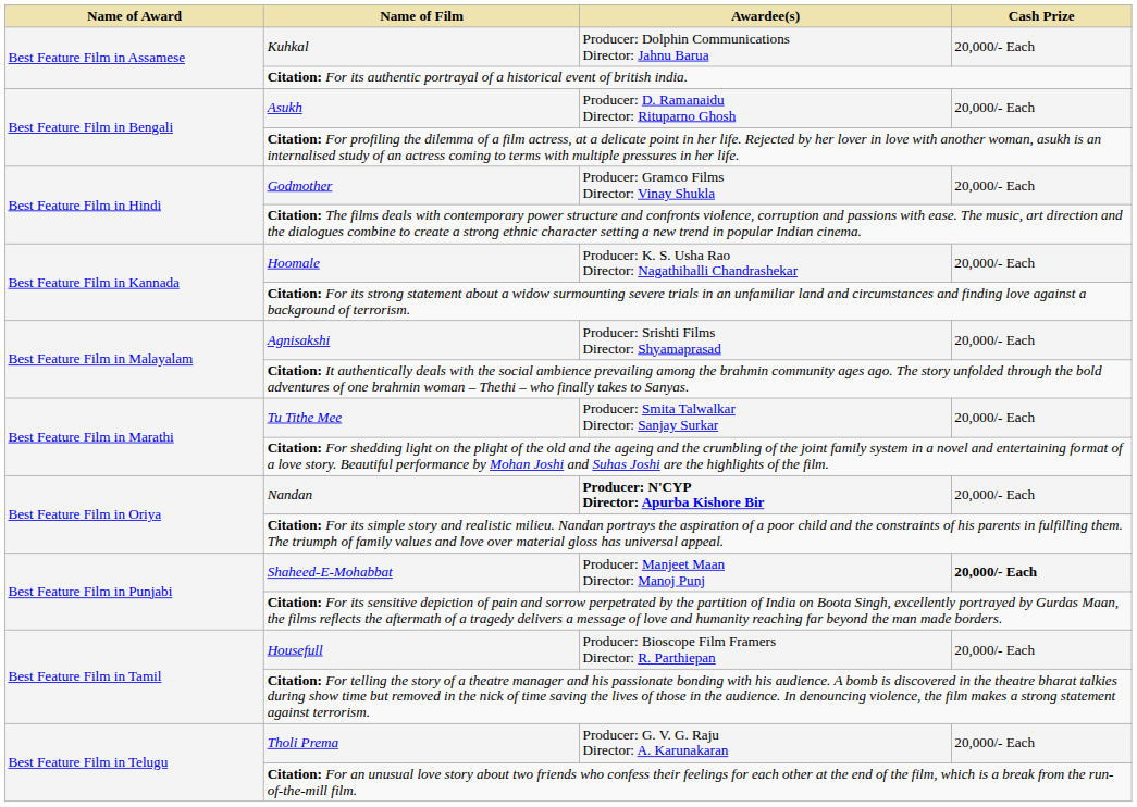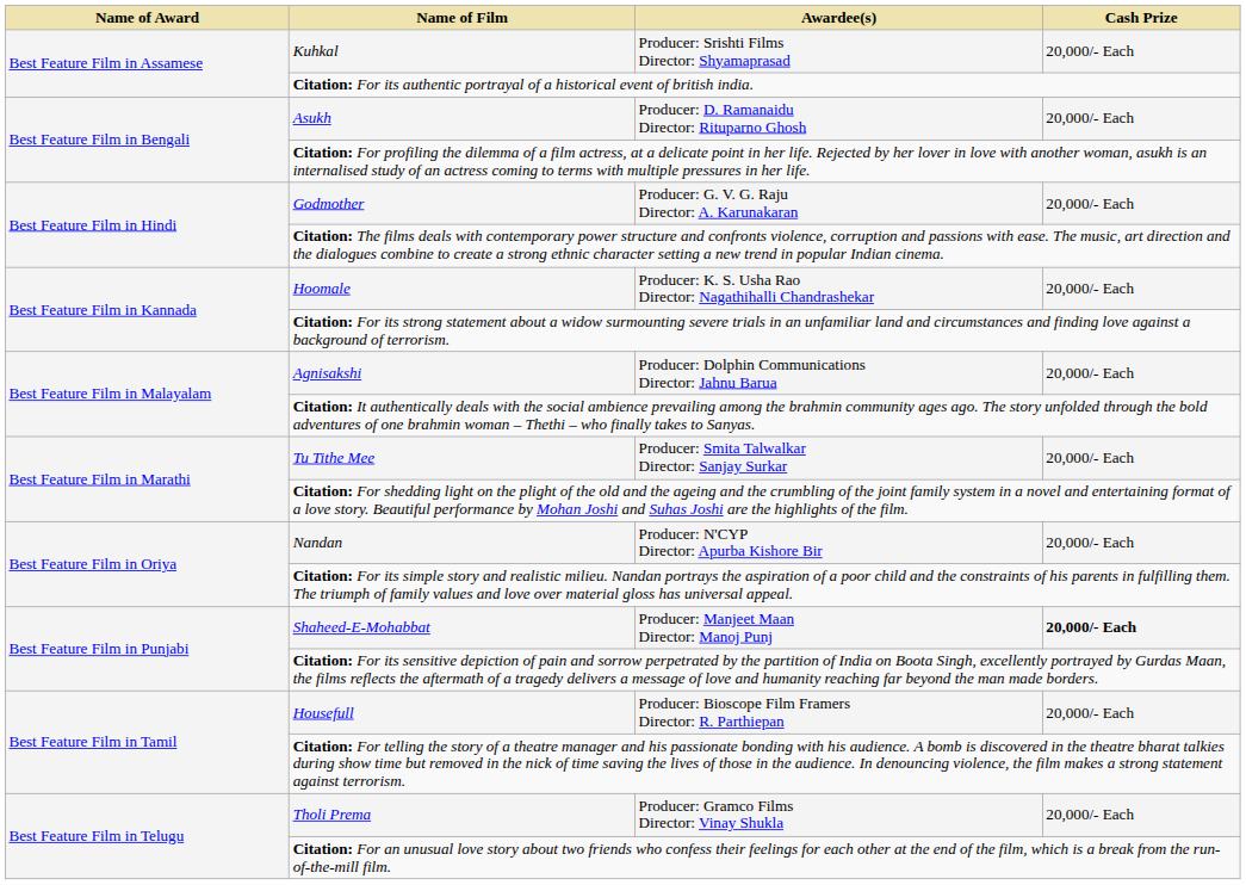 <table class="wikitable" style="width:100%;">
 <tr>
 <th style="background-color:#EFE4B0;width:23%;">Name of Award</th>
 <th style="background-color:#EFE4B0;width:28%;">Name of Film</th>
 <th style="background-color:#EFE4B0;width:33%;">Awardee(s)</th>
 <th style="background-color:#EFE4B0;width:16%;">Cash Prize</th>
 </tr>
 <tr style="background-color:#F4F4F4">
 <td rowspan="2"><a href='#'>Best Feature Film in Assamese</a></td>
 <td><em>Kuhkal</em></td>
-<td>Producer: Dolphin Communications<br>Director: <a href='#'>Jahnu Barua</a></td>
+<td>Producer: Srishti Films<br>Director: <a href='#'>Shyamaprasad</a></td>
 <td> 20,000/- Each</td>
 </tr>
 <tr style="background-color:#F9F9F9">
 <td colspan="3"><strong>Citation:</strong> <em>For its authentic portrayal of a historical event of british india.</em></td>
 </tr>
 <tr style="background-color:#F4F4F4">
 <td rowspan="2"><a href='#'>Best Feature Film in Bengali</a></td>
 <td><em><a href='#'>Asukh</a></em></td>
 <td>Producer: <a href='#'>D. Ramanaidu</a><br>Director: <a href='#'>Rituparno Ghosh</a></td>
 <td> 20,000/- Each</td>
 </tr>
 <tr style="background-color:#F9F9F9">
 <td colspan="3"><strong>Citation:</strong> <em>For profiling the dilemma of a film actress, at a delicate point in her life. Rejected by her lover in love with another woman, asukh is an internalised study of an actress coming to terms with multiple pressures in her life.</em></td>
 </tr>
 <tr style="background-color:#F4F4F4">
 <td rowspan="2"><a href='#'>Best Feature Film in Hindi</a></td>
 <td><em><a href='#'>Godmother</a></em></td>
-<td>Producer: Gramco Films<br>Director: <a href='#'>Vinay Shukla</a></td>
+<td>Producer: G. V. G. Raju<br>Director: <a href='#'>A. Karunakaran</a></td>
 <td> 20,000/- Each</td>
 </tr>
 <tr style="background-color:#F9F9F9">
 <td colspan="3"><strong>Citation:</strong> <em>The films deals with contemporary power structure and confronts violence, corruption and passions with ease. The music, art direction and the dialogues combine to create a strong ethnic character setting a new trend in popular Indian cinema.</em></td>
 </tr>
 <tr style="background-color:#F4F4F4">
 <td rowspan="2"><a href='#'>Best Feature Film in Kannada</a></td>
 <td><em><a href='#'>Hoomale</a></em></td>
 <td>Producer: K. S. Usha Rao<br>Director: <a href='#'>Nagathihalli Chandrashekar</a></td>
 <td> 20,000/- Each</td>
 </tr>
 <tr style="background-color:#F9F9F9">
 <td colspan="3"><strong>Citation:</strong> <em>For its strong statement about a widow surmounting severe trials in an unfamiliar land and circumstances and finding love against a background of terrorism.</em></td>
 </tr>
 <tr style="background-color:#F4F4F4">
 <td rowspan="2"><a href='#'>Best Feature Film in Malayalam</a></td>
 <td><em><a href='#'>Agnisakshi</a></em></td>
-<td>Producer: Srishti Films<br>Director: <a href='#'>Shyamaprasad</a></td>
+<td>Producer: Dolphin Communications<br>Director: <a href='#'>Jahnu Barua</a></td>
 <td> 20,000/- Each</td>
 </tr>
 <tr style="background-color:#F9F9F9">
 <td colspan="3"><strong>Citation:</strong> <em>It authentically deals with the social ambience prevailing among the brahmin community ages ago. The story unfolded through the bold adventures of one brahmin woman – Thethi – who finally takes to Sanyas.</em></td>
 </tr>
 <tr style="background-color:#F4F4F4">
 <td rowspan="2"><a href='#'>Best Feature Film in Marathi</a></td>
 <td><em><a href='#'>Tu Tithe Mee</a></em></td>
 <td>Producer: <a href='#'>Smita Talwalkar</a><br>Director:  <a href='#'>Sanjay Surkar</a></td>
 <td> 20,000/- Each</td>
 </tr>
 <tr style="background-color:#F9F9F9">
 <td colspan="3"><strong>Citation:</strong> <em>For shedding light on the plight of the old and the ageing and the crumbling of the joint family system in a novel and entertaining format of a love story. Beautiful performance by <a href='#'>Mohan Joshi</a> and <a href='#'>Suhas Joshi</a> are the highlights of the film.</em></td>
 </tr>
 <tr style="background-color:#F4F4F4">
 <td rowspan="2"><a href='#'>Best Feature Film in Oriya</a></td>
 <td><em>Nandan</em></td>
-<td><strong>Producer: N'CYP<br>Director: <a href='#'>Apurba Kishore Bir</a></strong></td>
+<td>Producer: N'CYP<br>Director: <a href='#'>Apurba Kishore Bir</a></td>
 <td> 20,000/- Each</td>
 </tr>
 <tr style="background-color:#F9F9F9">
 <td colspan="3"><strong>Citation:</strong> <em>For its simple story and realistic milieu. Nandan portrays the aspiration of a poor child and the constraints of his parents in fulfilling them. The triumph of family values and love over material gloss has universal appeal.</em></td>
 </tr>
 <tr style="background-color:#F4F4F4">
 <td rowspan="2"><a href='#'>Best Feature Film in Punjabi</a></td>
 <td><em><a href='#'>Shaheed-E-Mohabbat</a></em></td>
 <td>Producer: <a href='#'>Manjeet Maan</a><br>Director: <a href='#'>Manoj Punj</a></td>
 <td><strong> 20,000/- Each</strong></td>
 </tr>
 <tr style="background-color:#F9F9F9">
 <td colspan="3"><strong>Citation:</strong> <em>For its sensitive depiction of pain and sorrow perpetrated by the partition of India on Boota Singh, excellently portrayed by Gurdas Maan, the films reflects the aftermath of a tragedy delivers a message of love and humanity reaching far beyond the man made borders.</em></td>
 </tr>
 <tr style="background-color:#F4F4F4">
 <td rowspan="2"><a href='#'>Best Feature Film in Tamil</a></td>
 <td><em><a href='#'>Housefull</a></em></td>
 <td>Producer: Bioscope Film Framers<br>Director: <a href='#'>R. Parthiepan</a></td>
 <td> 20,000/- Each</td>
 </tr>
 <tr style="background-color:#F9F9F9">
 <td colspan="3"><strong>Citation:</strong> <em>For telling the story of a theatre manager and his passionate bonding with his audience. A bomb is discovered in the theatre bharat talkies during show time but removed in the nick of time saving the lives of those in the audience. In denouncing violence, the film makes a strong statement against terrorism.</em></td>
 </tr>
 <tr style="background-color:#F4F4F4">
 <td rowspan="2"><a href='#'>Best Feature Film in Telugu</a></td>
 <td><em><a href='#'>Tholi Prema</a></em></td>
-<td>Producer: G. V. G. Raju<br>Director: <a href='#'>A. Karunakaran</a></td>
+<td>Producer: Gramco Films<br>Director: <a href='#'>Vinay Shukla</a></td>
 <td> 20,000/- Each</td>
 </tr>
 <tr style="background-color:#F9F9F9">
 <td colspan="3"><strong>Citation:</strong> <em>For an unusual love story about two friends who confess their feelings for each other at the end of the film, which is a break from the run-of-the-mill film.</em></td>
 </tr>
 </table>
